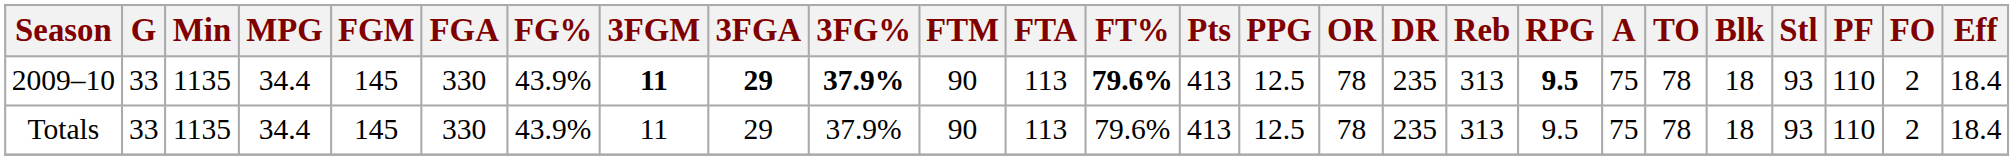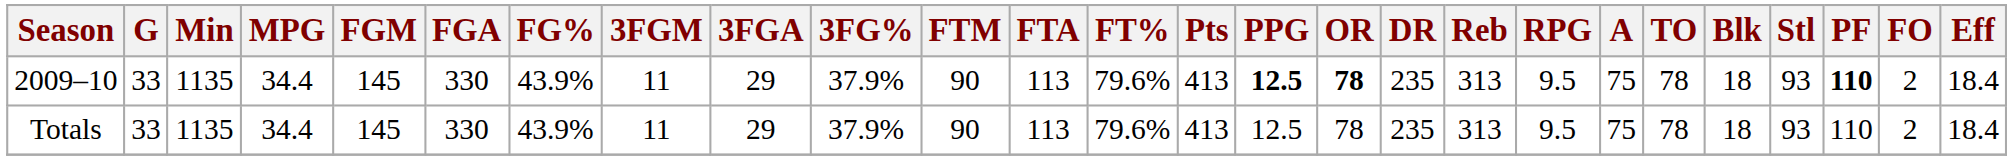 <table class="wikitable" style="background: #F2F2F2; color: maroon; margin: auto;">
 <tr>
 <th scope=col>Season</th>
 <th scope=col>G</th>
 <th scope=col>Min</th>
 <th scope=col>MPG</th>
 <th scope=col>FGM</th>
 <th scope=col>FGA</th>
 <th scope=col>FG%</th>
 <th scope=col>3FGM</th>
 <th scope=col>3FGA</th>
 <th scope=col>3FG%</th>
 <th scope=col>FTM</th>
 <th scope=col>FTA</th>
 <th scope=col>FT%</th>
 <th scope=col>Pts</th>
 <th scope=col>PPG</th>
 <th scope=col>OR</th>
 <th scope=col>DR</th>
 <th scope=col>Reb</th>
 <th scope=col>RPG</th>
 <th scope=col>A</th>
 <th scope=col>TO</th>
 <th scope=col>Blk</th>
 <th scope=col>Stl</th>
 <th scope=col>PF</th>
 <th scope=col>FO</th>
 <th scope=col>Eff</th>
 </tr>
 <tr align="center" style="background: white; color: black; font-size: 90%">
 <td>2009–10</td>
 <td>33</td>
 <td>1135</td>
 <td>34.4</td>
 <td>145</td>
 <td>330</td>
 <td>43.9%</td>
-<td><strong>11</strong></td>
-<td><strong>29</strong></td>
-<td><strong>37.9%</strong></td>
+<td>11</td>
+<td>29</td>
+<td>37.9%</td>
 <td>90</td>
 <td>113</td>
-<td><strong>79.6%</strong></td>
+<td>79.6%</td>
 <td>413</td>
-<td>12.5</td>
-<td>78</td>
+<td><strong>12.5</strong></td>
+<td><strong>78</strong></td>
 <td>235</td>
 <td>313</td>
-<td><strong>9.5</strong></td>
+<td>9.5</td>
 <td>75</td>
 <td>78</td>
 <td>18</td>
 <td>93</td>
-<td>110</td>
+<td><strong>110</strong></td>
 <td>2</td>
 <td>18.4</td>
 </tr>
 <tr align="center" style="background: white; color: black; font-size: 90%">
 <td>Totals</td>
 <td>33</td>
 <td>1135</td>
 <td>34.4</td>
 <td>145</td>
 <td>330</td>
 <td>43.9%</td>
 <td>11</td>
 <td>29</td>
 <td>37.9%</td>
 <td>90</td>
 <td>113</td>
 <td>79.6%</td>
 <td>413</td>
 <td>12.5</td>
 <td>78</td>
 <td>235</td>
 <td>313</td>
 <td>9.5</td>
 <td>75</td>
 <td>78</td>
 <td>18</td>
 <td>93</td>
 <td>110</td>
 <td>2</td>
 <td>18.4</td>
 </tr>
 <tr align="center" style="background: white; color: black; font-size: 90%">
 </tr>
 </table>
